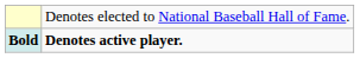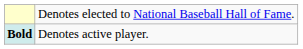 <table class="wikitable plainrowheaders">
 <tr>
 <th scope="row" style="background:#ffc;"></th>
 <td>Denotes elected to <a href='#'>National Baseball Hall of Fame</a>. <br></td>
 </tr>
 <tr>
 <th scope="row" style="background:#cfecec;"><strong>Bold</strong></th>
-<td><strong>Denotes active player.</strong></td>
+<td>Denotes active player.</td>
 </tr>
 </table>
